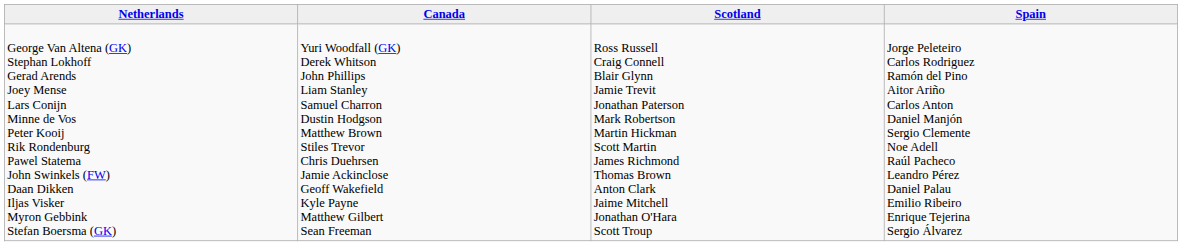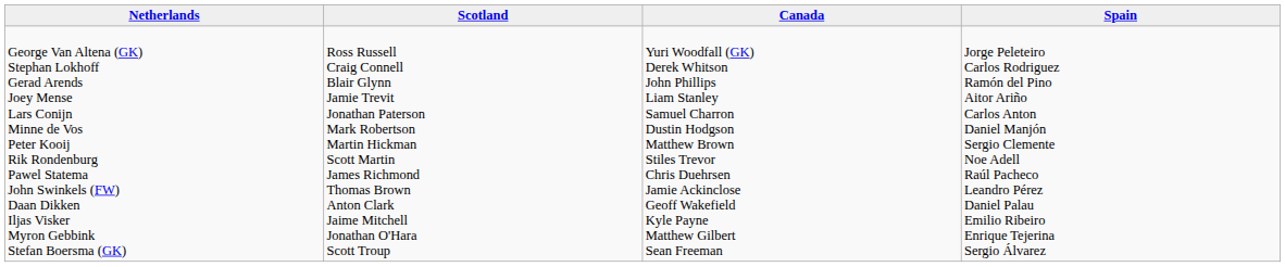 <table class="wikitable mw-collapsible mw-collapsed" cellpadding=5 cellspacing=0 style="width:95%">
 <tr align=center>
 <td bgcolor="#efefef" width="200"><strong> <a href='#'>Netherlands</a></strong></td>
+<td bgcolor="#efefef" width="200"><strong> <a href='#'>Scotland</a></strong></td>
 <td bgcolor="#efefef" width="200"><strong> <a href='#'>Canada</a></strong></td>
-<td bgcolor="#efefef" width="200"><strong> <a href='#'>Scotland</a></strong></td>
 <td bgcolor="#efefef" width="200"><strong> <a href='#'>Spain</a></strong></td>
 </tr>
 <tr valign=top>
 <td><br>George Van Altena (<a href='#'>GK</a>)<br> Stephan Lokhoff<br> Gerad Arends<br> Joey Mense<br> Lars Conijn<br> Minne de Vos<br> Peter Kooij<br> Rik Rondenburg<br> Pawel Statema<br> John Swinkels (<a href='#'>FW</a>)<br> Daan Dikken<br> Iljas Visker<br> Myron Gebbink<br> Stefan Boersma (<a href='#'>GK</a>)<br></td>
+<td><br>Ross Russell<br> Craig Connell<br> Blair Glynn<br> Jamie Trevit<br> Jonathan Paterson<br> Mark Robertson<br> Martin Hickman<br> Scott Martin<br> James Richmond<br> Thomas Brown<br> Anton Clark<br> Jaime Mitchell<br> Jonathan O'Hara<br> Scott Troup<br></td>
 <td><br>Yuri Woodfall (<a href='#'>GK</a>)<br> Derek Whitson<br> John Phillips<br> Liam Stanley<br> Samuel Charron<br> Dustin Hodgson<br> Matthew Brown<br> Stiles Trevor<br> Chris Duehrsen<br> Jamie Ackinclose<br> Geoff Wakefield<br> Kyle Payne<br> Matthew Gilbert<br> Sean Freeman<br></td>
-<td><br>Ross Russell<br> Craig Connell<br> Blair Glynn<br> Jamie Trevit<br> Jonathan Paterson<br> Mark Robertson<br> Martin Hickman<br> Scott Martin<br> James Richmond<br> Thomas Brown<br> Anton Clark<br> Jaime Mitchell<br> Jonathan O'Hara<br> Scott Troup<br></td>
 <td><br>Jorge Peleteiro<br> Carlos Rodriguez<br> Ramón del Pino<br> Aitor Ariño<br> Carlos Anton<br> Daniel Manjón<br> Sergio Clemente<br> Noe Adell<br> Raúl Pacheco<br> Leandro Pérez<br> Daniel Palau<br> Emilio Ribeiro<br> Enrique Tejerina<br> Sergio Álvarez<br></td>
 </tr>
 </table>
